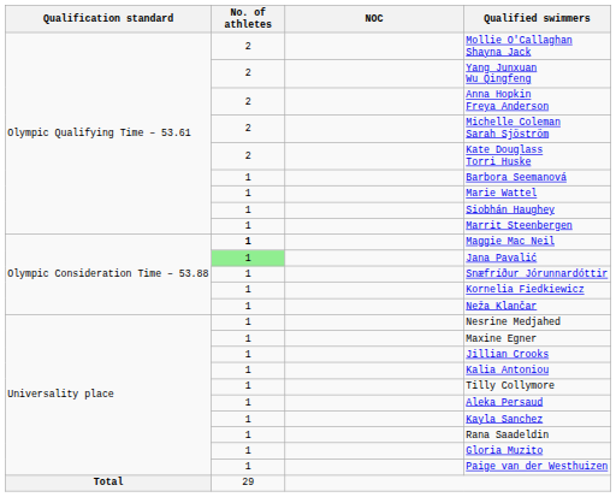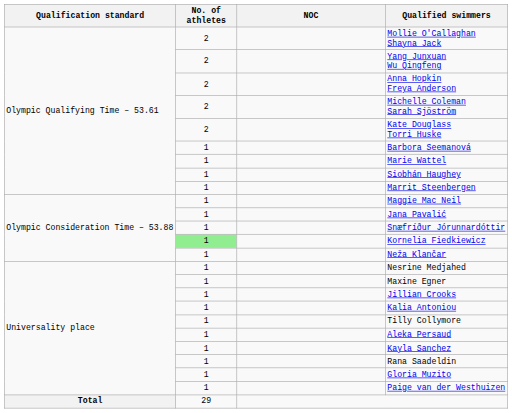 <table class=wikitable style="text-align:left" width=800>
 <tr>
 <th scope="col">Qualification standard</th>
 <th scope="col" width =90>No. of athletes</th>
 <th scope="col" width =230>NOC</th>
 <th scope="col">Qualified swimmers</th>
 </tr>
 <tr>
 <td rowspan=9>Olympic Qualifying Time – 53.61</td>
 <td align=center>2</td>
 <td></td>
 <td><a href='#'>Mollie O'Callaghan</a><br><a href='#'>Shayna Jack</a></td>
 </tr>
 <tr>
 <td align=center>2</td>
 <td></td>
 <td><a href='#'>Yang Junxuan</a><br><a href='#'>Wu Qingfeng</a></td>
 </tr>
 <tr>
 <td align=center>2</td>
 <td></td>
 <td><a href='#'>Anna Hopkin</a><br><a href='#'>Freya Anderson</a></td>
 </tr>
 <tr>
 <td align=center>2</td>
 <td></td>
 <td><a href='#'>Michelle Coleman</a><br><a href='#'>Sarah Sjöström</a></td>
 </tr>
 <tr>
 <td align=center>2</td>
 <td></td>
 <td><a href='#'>Kate Douglass</a><br><a href='#'>Torri Huske</a></td>
 </tr>
 <tr>
 <td align=center>1</td>
 <td></td>
 <td><a href='#'>Barbora Seemanová</a></td>
 </tr>
 <tr>
 <td align=center>1</td>
 <td></td>
 <td><a href='#'>Marie Wattel</a></td>
 </tr>
 <tr>
 <td align=center>1</td>
 <td></td>
 <td><a href='#'>Siobhán Haughey</a></td>
 </tr>
 <tr>
 <td align=center>1</td>
 <td></td>
 <td><a href='#'>Marrit Steenbergen</a></td>
 </tr>
 <tr>
 <td rowspan=5>Olympic Consideration Time – 53.88</td>
-<td align=center><strong>1</strong></td>
+<td align=center>1</td>
 <td></td>
 <td><a href='#'>Maggie Mac Neil</a></td>
 </tr>
 <tr>
-<td align=center style="background: lightgreen;">1</td>
+<td align=center>1</td>
 <td></td>
 <td><a href='#'>Jana Pavalić</a></td>
 </tr>
 <tr>
 <td align=center>1</td>
 <td></td>
 <td><a href='#'>Snæfríður Jórunnardóttir</a></td>
 </tr>
 <tr>
-<td align=center>1</td>
+<td align=center style="background: lightgreen;">1</td>
 <td></td>
 <td><a href='#'>Kornelia Fiedkiewicz</a></td>
 </tr>
 <tr>
 <td align=center>1</td>
 <td></td>
 <td><a href='#'>Neža Klančar</a></td>
 </tr>
 <tr>
 <td rowspan=10>Universality place</td>
 <td align=center>1</td>
 <td></td>
 <td>Nesrine Medjahed</td>
 </tr>
 <tr>
 <td align=center>1</td>
 <td></td>
 <td>Maxine Egner</td>
 </tr>
 <tr>
 <td align=center>1</td>
 <td></td>
 <td><a href='#'>Jillian Crooks</a></td>
 </tr>
 <tr>
 <td align=center>1</td>
 <td></td>
 <td><a href='#'>Kalia Antoniou</a></td>
 </tr>
 <tr>
 <td align=center>1</td>
 <td></td>
 <td>Tilly Collymore</td>
 </tr>
 <tr>
 <td align=center>1</td>
 <td></td>
 <td><a href='#'>Aleka Persaud</a></td>
 </tr>
 <tr>
 <td align=center>1</td>
 <td></td>
 <td><a href='#'>Kayla Sanchez</a></td>
 </tr>
 <tr>
 <td align=center>1</td>
 <td></td>
 <td>Rana Saadeldin</td>
 </tr>
 <tr>
 <td align=center>1</td>
 <td></td>
 <td><a href='#'>Gloria Muzito</a></td>
 </tr>
 <tr>
 <td align=center>1</td>
 <td></td>
 <td><a href='#'>Paige van der Westhuizen</a></td>
 </tr>
 <tr>
 <th scope="row">Total</th>
 <td align=center>29</td>
 <td colspan=2></td>
 </tr>
 </table>
